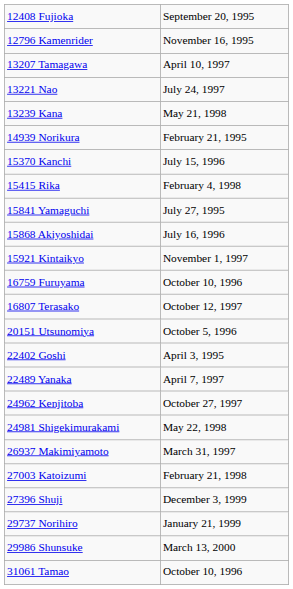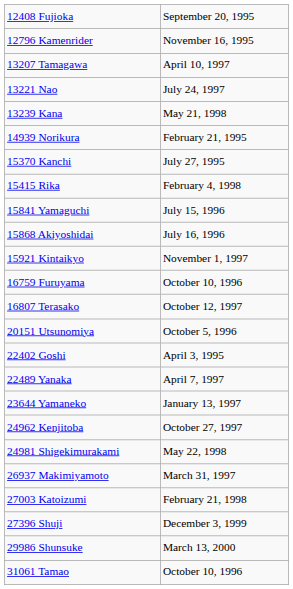 <table class="wikitable" style="font-size: 89%; float: left; width: 25em; margin-right: 1em; line-height: 1.65em !important; height: 540px;">
 <tr>
 <td><a href='#'>12408 Fujioka</a></td>
 <td>September 20, 1995</td>
 </tr>
 <tr>
 <td><a href='#'>12796 Kamenrider</a></td>
 <td>November 16, 1995</td>
 </tr>
 <tr>
 <td><a href='#'>13207 Tamagawa</a></td>
 <td>April 10, 1997</td>
 </tr>
 <tr>
 <td><a href='#'>13221 Nao</a></td>
 <td>July 24, 1997</td>
 </tr>
 <tr>
 <td><a href='#'>13239 Kana</a></td>
 <td>May 21, 1998</td>
 </tr>
 <tr>
 <td><a href='#'>14939 Norikura</a></td>
 <td>February 21, 1995</td>
 </tr>
 <tr>
 <td><a href='#'>15370 Kanchi</a></td>
-<td>July 15, 1996</td>
+<td>July 27, 1995</td>
 </tr>
 <tr>
 <td><a href='#'>15415 Rika</a></td>
 <td>February 4, 1998</td>
 </tr>
 <tr>
 <td><a href='#'>15841 Yamaguchi</a></td>
-<td>July 27, 1995</td>
+<td>July 15, 1996</td>
 </tr>
 <tr>
 <td><a href='#'>15868 Akiyoshidai</a></td>
 <td>July 16, 1996</td>
 </tr>
 <tr>
 <td><a href='#'>15921 Kintaikyo</a></td>
 <td>November 1, 1997</td>
 </tr>
 <tr>
 <td><a href='#'>16759 Furuyama</a></td>
 <td>October 10, 1996</td>
 </tr>
 <tr>
 <td><a href='#'>16807 Terasako</a></td>
 <td>October 12, 1997</td>
 </tr>
 <tr>
 <td><a href='#'>20151 Utsunomiya</a></td>
 <td>October 5, 1996</td>
 </tr>
 <tr>
 <td><a href='#'>22402 Goshi</a></td>
 <td>April 3, 1995</td>
 </tr>
 <tr>
 <td><a href='#'>22489 Yanaka</a></td>
 <td>April 7, 1997</td>
 </tr>
 <tr>
+<td><a href='#'>23644 Yamaneko</a></td>
+<td>January 13, 1997</td>
+</tr>
+<tr>
 <td><a href='#'>24962 Kenjitoba</a></td>
 <td>October 27, 1997</td>
 </tr>
 <tr>
 <td><a href='#'>24981 Shigekimurakami</a></td>
 <td>May 22, 1998</td>
 </tr>
 <tr>
 <td><a href='#'>26937 Makimiyamoto</a></td>
 <td>March 31, 1997</td>
 </tr>
 <tr>
 <td><a href='#'>27003 Katoizumi</a></td>
 <td>February 21, 1998</td>
 </tr>
 <tr>
 <td><a href='#'>27396 Shuji</a></td>
 <td>December 3, 1999</td>
 </tr>
 <tr>
-<td><a href='#'>29737 Norihiro</a></td>
-<td>January 21, 1999</td>
-</tr>
-<tr>
 <td><a href='#'>29986 Shunsuke</a></td>
 <td>March 13, 2000</td>
 </tr>
 <tr>
 <td><a href='#'>31061 Tamao</a></td>
 <td>October 10, 1996</td>
 </tr>
 </table>
